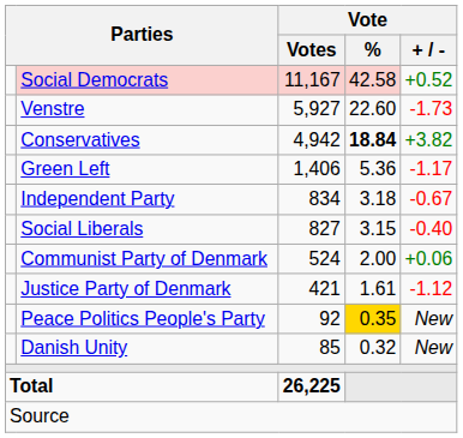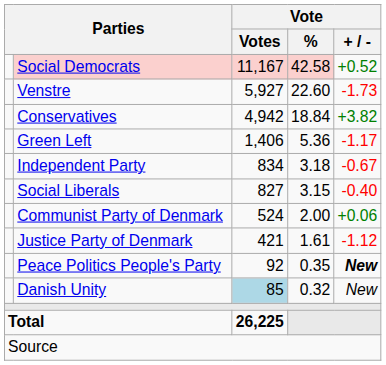 <table class="wikitable" style="text-align:right;">
 <tr>
 <th style="text-align:centre;" rowspan="2" colspan="2" width="225">Parties</th>
 <th colspan="3">Vote</th>
 </tr>
 <tr>
 <th width="15">Votes</th>
 <th width="15">%</th>
 <th width="15">+ / -</th>
 </tr>
 <tr>
 <td width="2" style="color:inherit;background:"></td>
 <td bgcolor=#fbd0ce  align="left"><a href='#'>Social Democrats</a></td>
 <td bgcolor=#fbd0ce>11,167</td>
 <td bgcolor=#fbd0ce>42.58</td>
 <td style=color:green;>+0.52</td>
 </tr>
 <tr>
 <td width="2" style="color:inherit;background:"></td>
 <td align="left"><a href='#'>Venstre</a></td>
 <td>5,927</td>
 <td>22.60</td>
 <td style=color:red;>-1.73</td>
 </tr>
 <tr>
 <td width="2" style="color:inherit;background:"></td>
 <td align="left"><a href='#'>Conservatives</a></td>
 <td>4,942</td>
-<td><strong>18.84</strong></td>
+<td>18.84</td>
 <td style=color:green;>+3.82</td>
 </tr>
 <tr>
 <td width="2" style="color:inherit;background:"></td>
 <td align="left"><a href='#'>Green Left</a></td>
 <td>1,406</td>
 <td>5.36</td>
 <td style=color:red;>-1.17</td>
 </tr>
 <tr>
 <td width="2" style="color:inherit;background:"></td>
 <td align="left"><a href='#'>Independent Party</a></td>
 <td>834</td>
 <td>3.18</td>
 <td style=color:red;>-0.67</td>
 </tr>
 <tr>
 <td width="2" style="color:inherit;background:"></td>
 <td align="left"><a href='#'>Social Liberals</a></td>
 <td>827</td>
 <td>3.15</td>
 <td style=color:red;>-0.40</td>
 </tr>
 <tr>
 <td width="2" style="color:inherit;background:"></td>
 <td align="left"><a href='#'>Communist Party of Denmark</a></td>
 <td>524</td>
 <td>2.00</td>
 <td style=color:green;>+0.06</td>
 </tr>
 <tr>
 <td width="2" style="color:inherit;background:"></td>
 <td align="left"><a href='#'>Justice Party of Denmark</a></td>
 <td>421</td>
 <td>1.61</td>
 <td style=color:red;>-1.12</td>
 </tr>
 <tr>
 <td width="2" style="color:inherit;background:"></td>
 <td align="left"><a href='#'>Peace Politics People's Party</a></td>
 <td>92</td>
-<td style="background: gold;">0.35</td>
-<td><em>New</em></td>
+<td>0.35</td>
+<td><strong><em>New</em></strong></td>
 </tr>
 <tr>
 <td width="2" style="color:inherit;background:"></td>
 <td align="left"><a href='#'>Danish Unity</a></td>
-<td>85</td>
+<td style="background: lightblue;">85</td>
 <td>0.32</td>
 <td><em>New</em></td>
 </tr>
 <tr>
 <td colspan="7" bgcolor="#E9E9E9"></td>
 </tr>
 <tr>
 <td align="left" colspan="2"><strong>Total</strong></td>
 <td><strong>26,225</strong></td>
 <td bgcolor="#E9E9E9" colspan="2"></td>
 </tr>
 <tr>
 <td align="left" colspan="6">Source</td>
 </tr>
 </table>
